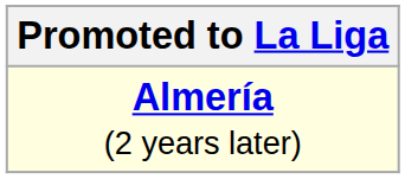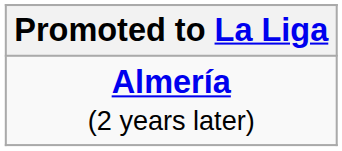 <table class="wikitable" style="text-align: center; margin: 0 auto;">
 <tr>
 <th colspan="2">Promoted to <a href='#'>La Liga</a></th>
 </tr>
 <tr>
-<td style="background: lightyellow;"><strong><a href='#'>Almería</a></strong><br><small>(2 years later)</small></td>
+<td><strong><a href='#'>Almería</a></strong><br><small>(2 years later)</small></td>
 </tr>
 </table>
